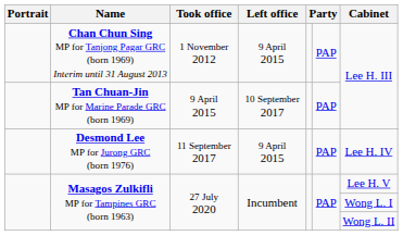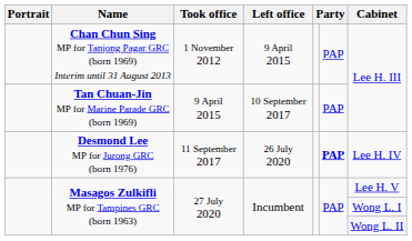 <table class="wikitable" style="text-align:center; border:1px #aaf solid;">
 <tr>
 <th>Portrait</th>
 <th>Name<br></th>
 <th width="85">Took office</th>
 <th width="85">Left office</th>
 <th colspan="2">Party</th>
 <th>Cabinet</th>
 </tr>
 <tr>
 <td></td>
 <td><strong><a href='#'>Chan Chun Sing</a></strong><br><small>MP for <a href='#'>Tanjong Pagar GRC</a><br>(born 1969)<br><em>Interim until 31 August 2013</em></small></td>
 <td><small>1 November</small><br>2012</td>
 <td><small>9 April</small><br>2015</td>
 <td style="background:"></td>
 <td><a href='#'>PAP</a></td>
 <td rowspan="2"><a href='#'>Lee H. III</a></td>
 </tr>
 <tr style="height:63px;">
 <td rowspan="2"></td>
 <td rowspan="2"><strong><a href='#'>Tan Chuan-Jin</a></strong><br><small>MP for <a href='#'>Marine Parade GRC</a></small><br><small>(born 1969)</small></td>
 <td rowspan="2"><small>9 April</small><br>2015</td>
 <td rowspan="2"><small>10 September</small><br>2017</td>
 <td rowspan="2" style="background:"></td>
 <td rowspan="2"><a href='#'>PAP</a></td>
 </tr>
 <tr>
 <td rowspan="2"><a href='#'>Lee H. IV</a></td>
 </tr>
 <tr>
 <td></td>
 <td><a href='#'><strong>Desmond Lee</strong></a><br><small>MP for <a href='#'>Jurong GRC</a></small><br><small>(born 1976)</small></td>
 <td><small>11 September</small><br>2017</td>
-<td><small>9 April</small><br>2015</td>
+<td><small>26 July</small><br>2020</td>
 <td style="background:"></td>
-<td><a href='#'>PAP</a></td>
+<td><strong><a href='#'>PAP</a></strong></td>
 </tr>
 <tr>
 <td rowspan="3"></td>
 <td rowspan="3"><strong><a href='#'>Masagos Zulkifli</a></strong><br><small>MP for <a href='#'>Tampines GRC</a></small><br><small>(born 1963)</small></td>
 <td rowspan="3"><small>27 July</small><br>2020</td>
 <td rowspan="3">Incumbent</td>
 <td rowspan="3" style="background:"></td>
 <td rowspan="3"><a href='#'>PAP</a></td>
 <td><a href='#'>Lee H. V</a></td>
 </tr>
 <tr>
 <td><a href='#'>Wong L. I</a></td>
 </tr>
 <tr>
 <td><a href='#'>Wong L. II</a></td>
 </tr>
 </table>
